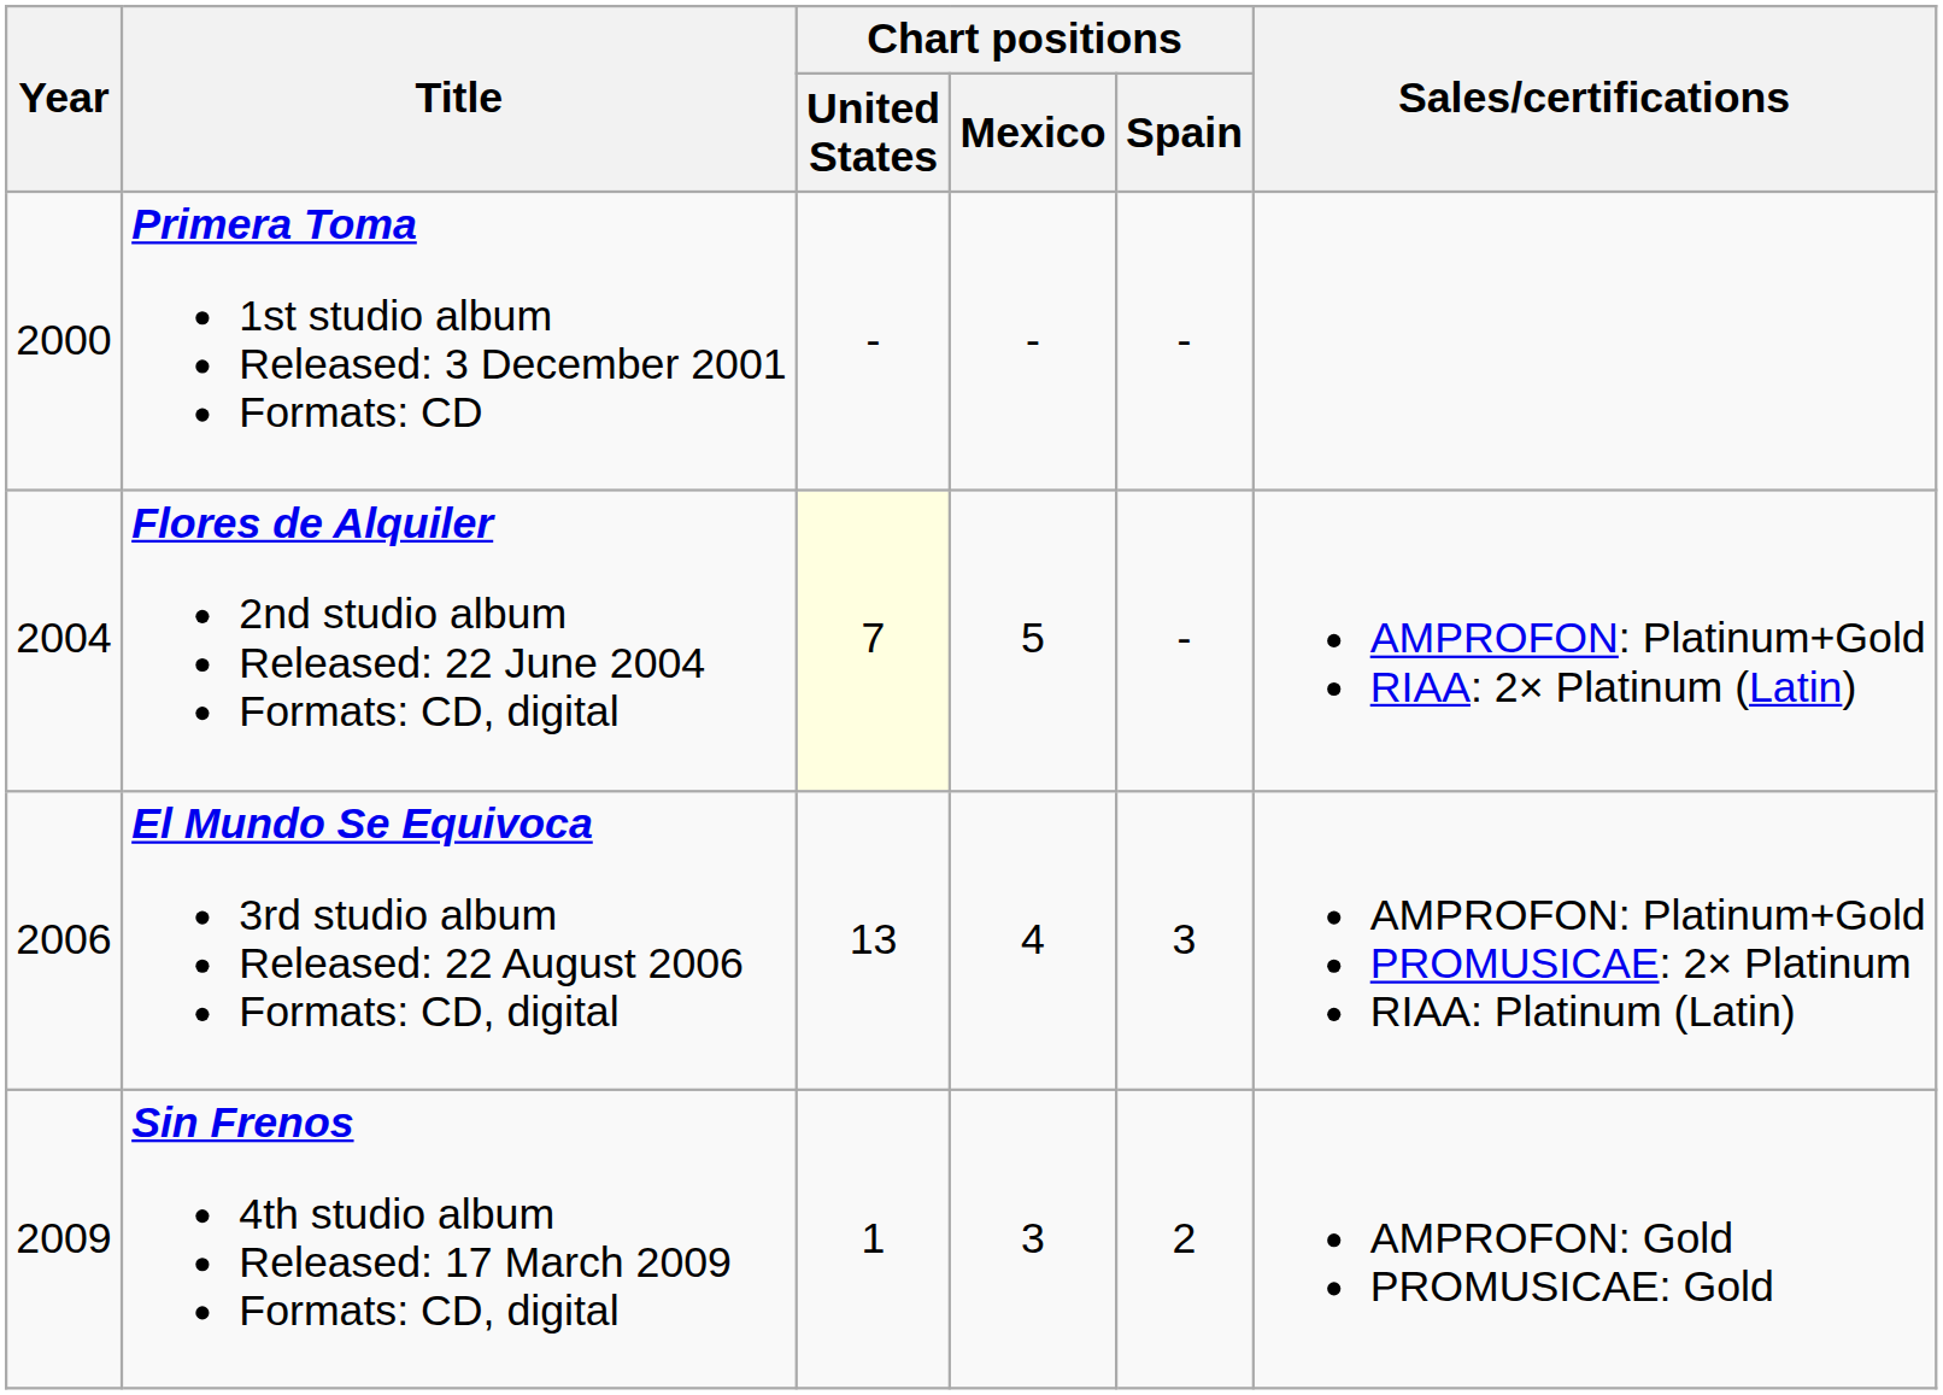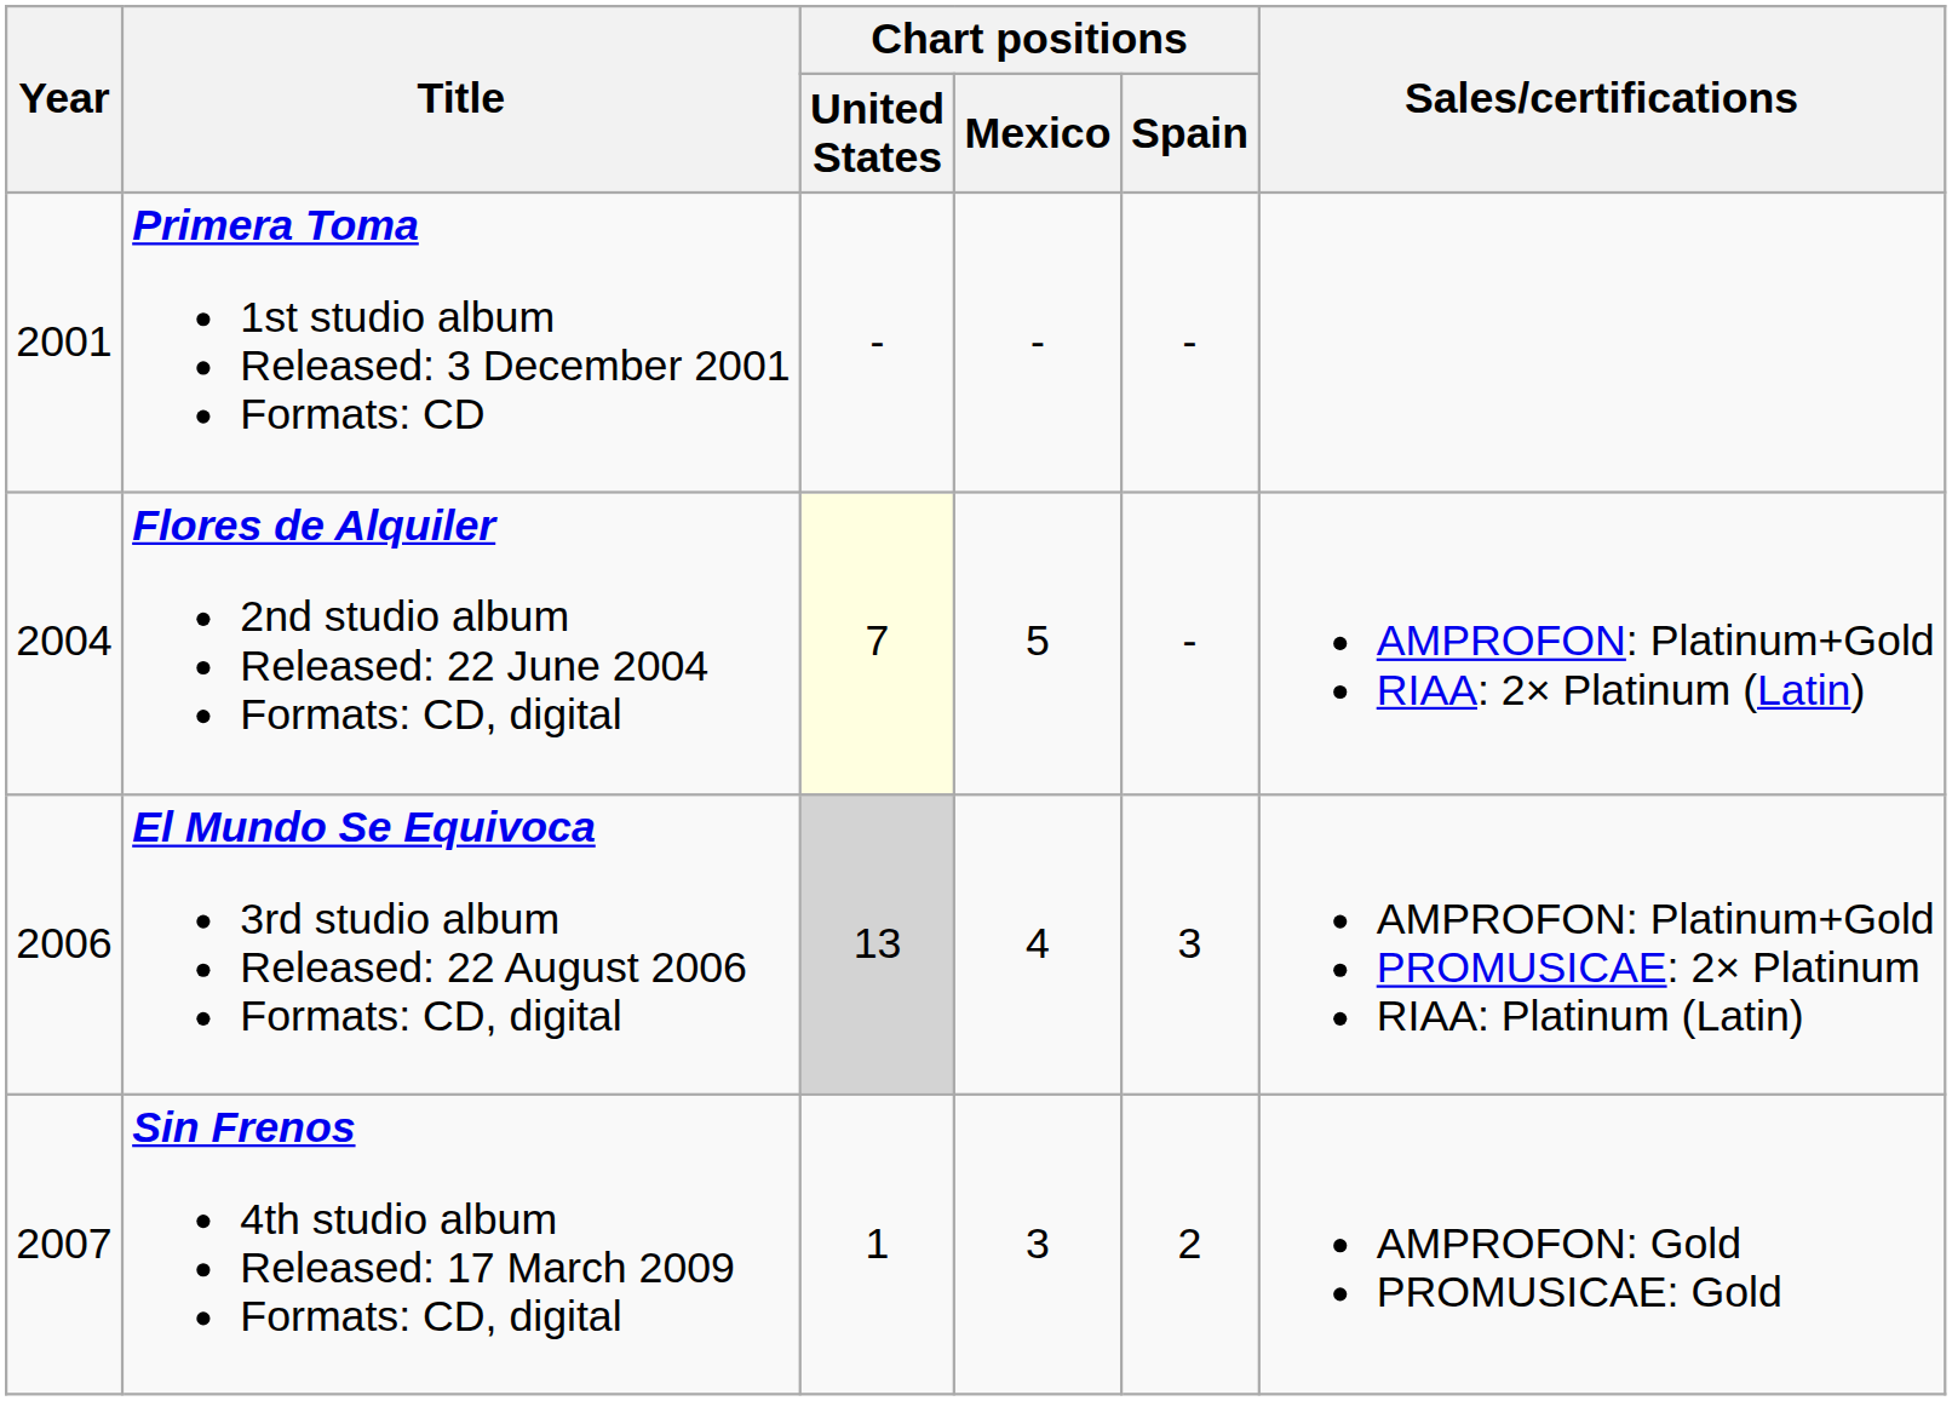 <table class="wikitable">
 <tr>
 <th rowspan="2">Year</th>
 <th rowspan="2">Title</th>
 <th colspan="3">Chart positions</th>
 <th rowspan="2">Sales/certifications</th>
 </tr>
 <tr>
 <th width="20">United States</th>
 <th width="20">Mexico</th>
 <th width="20">Spain</th>
 </tr>
 <tr>
-<td>2000</td>
+<td>2001</td>
 <td><strong><em><a href='#'>Primera Toma</a></em></strong><br><ul><li>1st studio album</li><li>Released: 3 December 2001</li><li>Formats: CD</li></ul></td>
 <td align="center">-</td>
 <td align="center">-</td>
 <td align="center">-</td>
 <td></td>
 </tr>
 <tr>
 <td>2004</td>
 <td><strong><em><a href='#'>Flores de Alquiler</a></em></strong><br><ul><li>2nd studio album</li><li>Released: 22 June 2004</li><li>Formats: CD, digital</li></ul></td>
 <td align="center" style="background: lightyellow;">7</td>
 <td align="center">5</td>
 <td align="center">-</td>
 <td><br><ul><li><a href='#'>AMPROFON</a>: Platinum+Gold</li><li><a href='#'>RIAA</a>: 2× Platinum (<a href='#'>Latin</a>)</li></ul></td>
 </tr>
 <tr>
 <td>2006</td>
 <td><strong><em><a href='#'>El Mundo Se Equivoca</a></em></strong><br><ul><li>3rd studio album</li><li>Released: 22 August 2006</li><li>Formats: CD, digital</li></ul></td>
-<td align="center">13</td>
+<td align="center" style="background: lightgrey;">13</td>
 <td align="center">4</td>
 <td align="center">3</td>
 <td><br><ul><li>AMPROFON: Platinum+Gold</li><li><a href='#'>PROMUSICAE</a>: 2× Platinum</li><li>RIAA: Platinum (Latin)</li></ul></td>
 </tr>
 <tr>
-<td>2009</td>
+<td>2007</td>
 <td><strong><em><a href='#'>Sin Frenos</a></em></strong><br><ul><li>4th studio album</li><li>Released: 17 March 2009</li><li>Formats: CD, digital</li></ul></td>
 <td align="center">1</td>
 <td align="center">3</td>
 <td align="center">2</td>
 <td><br><ul><li>AMPROFON: Gold</li><li>PROMUSICAE: Gold</li></ul></td>
 </tr>
 </table>
